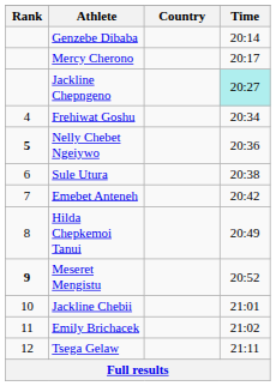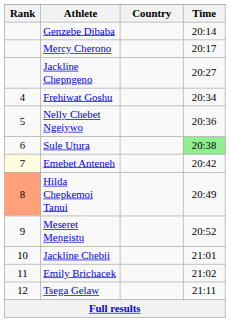 <table class="wikitable sortable" style=" text-align:center; font-size:95%;" width="50%">
 <tr>
 </tr>
 <tr>
 <th width=5%>Rank</th>
 <th width=20%>Athlete</th>
 <th width=15%>Country</th>
 <th width=10%>Time</th>
 </tr>
 <tr>
 <td align=center></td>
 <td align=left><a href='#'>Genzebe Dibaba</a></td>
 <td align=left></td>
 <td>20:14</td>
 </tr>
 <tr>
 <td align=center></td>
 <td align=left><a href='#'>Mercy Cherono</a></td>
 <td align=left></td>
 <td>20:17</td>
 </tr>
 <tr>
 <td align=center></td>
 <td align=left><a href='#'>Jackline Chepngeno</a></td>
 <td align=left></td>
-<td style="background: paleturquoise;">20:27</td>
+<td>20:27</td>
 </tr>
 <tr>
 <td align=center>4</td>
 <td align=left><a href='#'>Frehiwat Goshu</a></td>
 <td align=left></td>
 <td>20:34</td>
 </tr>
 <tr>
-<td align=center><strong>5</strong></td>
+<td align=center>5</td>
 <td align=left><a href='#'>Nelly Chebet Ngeiywo</a></td>
 <td align=left></td>
 <td>20:36</td>
 </tr>
 <tr>
 <td align=center>6</td>
 <td align=left><a href='#'>Sule Utura</a></td>
 <td align=left></td>
-<td>20:38</td>
+<td style="background: lightgreen;">20:38</td>
 </tr>
 <tr>
-<td align=center>7</td>
+<td align=center style="background: lightyellow;">7</td>
 <td align=left><a href='#'>Emebet Anteneh</a></td>
 <td align=left></td>
 <td>20:42</td>
 </tr>
 <tr>
-<td align=center>8</td>
+<td align=center style="background: lightsalmon;">8</td>
 <td align=left><a href='#'>Hilda Chepkemoi Tanui</a></td>
 <td align=left></td>
 <td>20:49</td>
 </tr>
 <tr>
-<td align=center><strong>9</strong></td>
+<td align=center>9</td>
 <td align=left><a href='#'>Meseret Mengistu</a></td>
 <td align=left></td>
 <td>20:52</td>
 </tr>
 <tr>
 <td align=center>10</td>
 <td align=left><a href='#'>Jackline Chebii</a></td>
 <td align=left></td>
 <td>21:01</td>
 </tr>
 <tr>
 <td align=center>11</td>
 <td align=left><a href='#'>Emily Brichacek</a></td>
 <td align=left></td>
 <td>21:02</td>
 </tr>
 <tr>
 <td align=center>12</td>
 <td align=left><a href='#'>Tsega Gelaw</a></td>
 <td align=left></td>
 <td>21:11</td>
 </tr>
 <tr class="sortbottom">
 <th colspan=4 align=center><a href='#'>Full results</a></th>
 </tr>
 </table>
